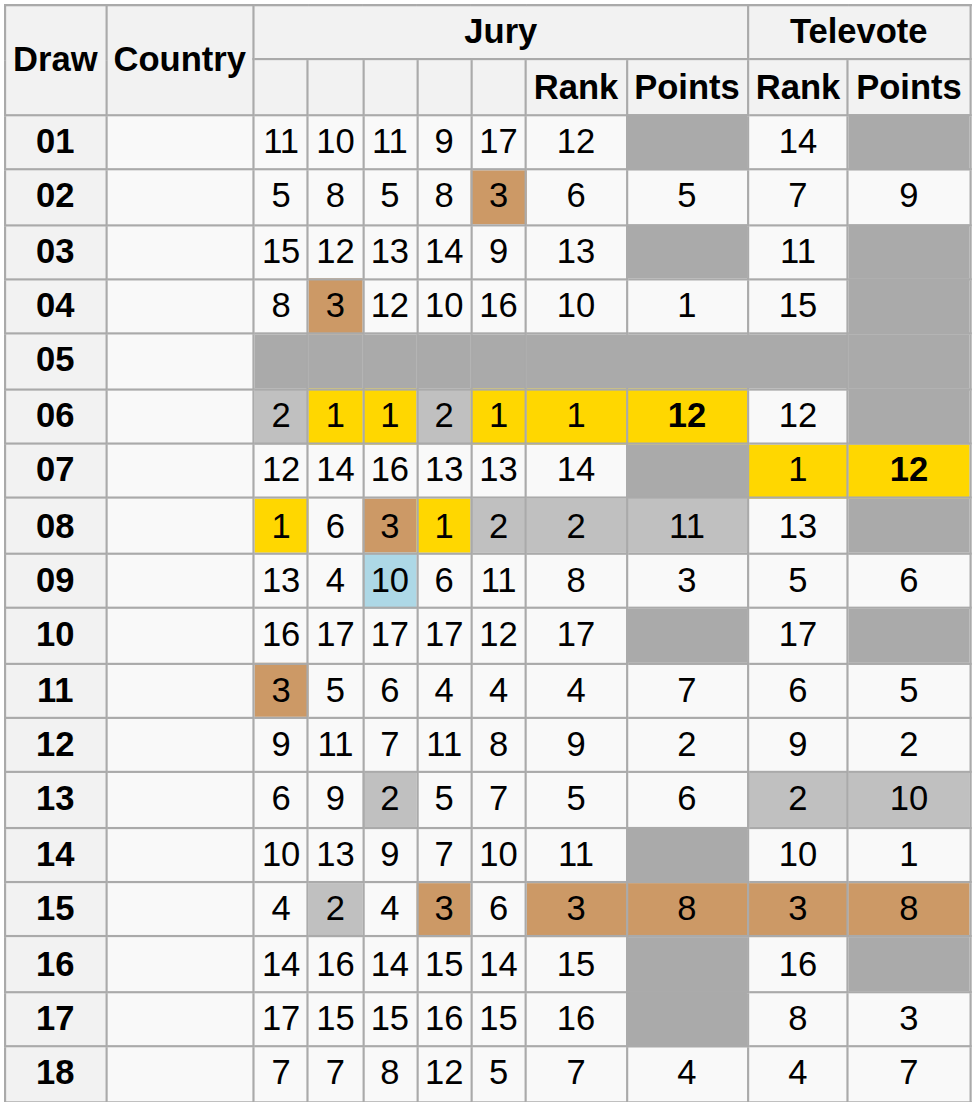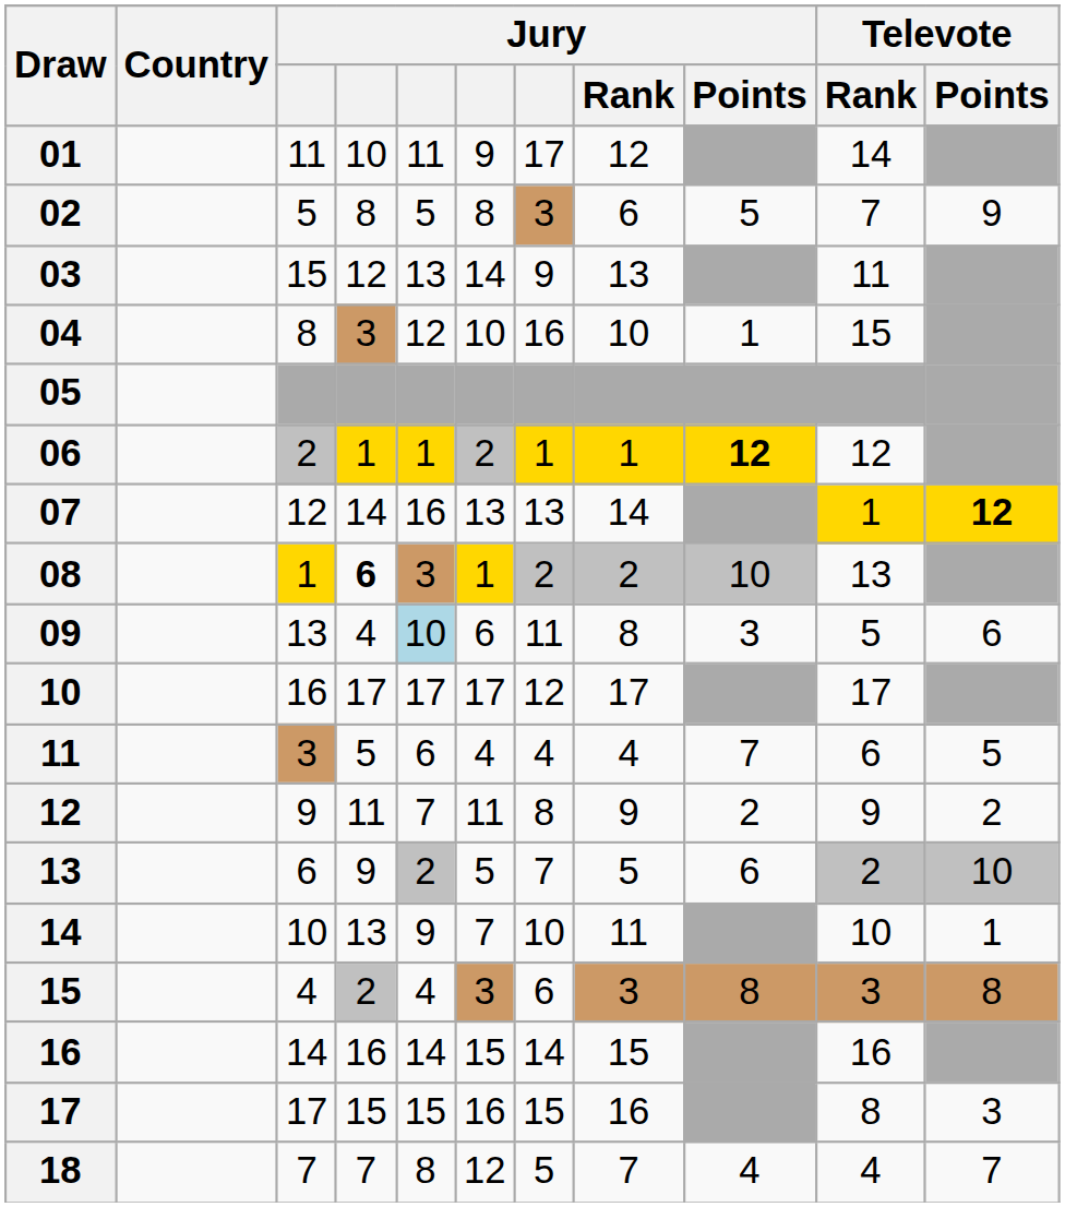 <table class="sortable wikitable collapsible plainrowheaders" style="text-align:center;">
 <tr>
 </tr>
 <tr>
 <th scope="col" rowspan="2">Draw</th>
 <th scope="col" rowspan="2">Country</th>
 <th scope="col" colspan="7">Jury</th>
 <th scope="col" colspan="2">Televote</th>
 </tr>
 <tr>
 <th scope="col"><small></small></th>
 <th scope="col"><small></small></th>
 <th scope="col"><small></small></th>
 <th scope="col"><small></small></th>
 <th scope="col"><small></small></th>
 <th scope="col">Rank</th>
 <th scope="col">Points</th>
 <th scope="col">Rank</th>
 <th scope="col">Points</th>
 </tr>
 <tr>
 <th scope="row" style="text-align:center;">01</th>
 <td style="text-align:left;"></td>
 <td>11</td>
 <td>10</td>
 <td>11</td>
 <td>9</td>
 <td>17</td>
 <td>12</td>
 <td style="background:#AAAAAA;"></td>
 <td>14</td>
 <td style="background:#AAAAAA;"></td>
 </tr>
 <tr>
 <th scope="row" style="text-align:center;">02</th>
 <td style="text-align:left;"></td>
 <td>5</td>
 <td>8</td>
 <td>5</td>
 <td>8</td>
 <td style="background:#CC9966;">3</td>
 <td>6</td>
 <td>5</td>
 <td>7</td>
 <td>9</td>
 </tr>
 <tr>
 <th scope="row" style="text-align:center;">03</th>
 <td style="text-align:left;"></td>
 <td>15</td>
 <td>12</td>
 <td>13</td>
 <td>14</td>
 <td>9</td>
 <td>13</td>
 <td style="background:#AAAAAA;"></td>
 <td>11</td>
 <td style="background:#AAAAAA;"></td>
 </tr>
 <tr>
 <th scope="row" style="text-align:center;">04</th>
 <td style="text-align:left;"></td>
 <td>8</td>
 <td style="background:#CC9966;">3</td>
 <td>12</td>
 <td>10</td>
 <td>16</td>
 <td>10</td>
 <td>1</td>
 <td>15</td>
 <td style="background:#AAAAAA;"></td>
 </tr>
 <tr class="sortbottom">
 <th scope="row" style="text-align:center;">05</th>
 <td style="text-align:left;"></td>
 <td style="background:#AAAAAA;"></td>
 <td style="background:#AAAAAA;"></td>
 <td style="background:#AAAAAA;"></td>
 <td style="background:#AAAAAA;"></td>
 <td style="background:#AAAAAA;"></td>
 <td style="background:#AAAAAA;"></td>
 <td style="background:#AAAAAA;"></td>
 <td style="background:#AAAAAA;"></td>
 <td style="background:#AAAAAA;"></td>
 </tr>
 <tr>
 <th scope="row" style="text-align:center;">06</th>
 <td style="text-align:left;"></td>
 <td style="background:silver;">2</td>
 <td style="background:gold;">1</td>
 <td style="background:gold;">1</td>
 <td style="background:silver;">2</td>
 <td style="background:gold;">1</td>
 <td style="background:gold;">1</td>
 <td style="background:gold;"><strong>12</strong></td>
 <td>12</td>
 <td style="background:#AAAAAA;"></td>
 </tr>
 <tr>
 <th scope="row" style="text-align:center;">07</th>
 <td style="text-align:left;"></td>
 <td>12</td>
 <td>14</td>
 <td>16</td>
 <td>13</td>
 <td>13</td>
 <td>14</td>
 <td style="background:#AAAAAA;"></td>
 <td style="background:gold;">1</td>
 <td style="background:gold;"><strong>12</strong></td>
 </tr>
 <tr>
 <th scope="row" style="text-align:center;">08</th>
 <td style="text-align:left;"></td>
 <td style="background:gold;">1</td>
-<td>6</td>
+<td><strong>6</strong></td>
 <td style="background:#CC9966;">3</td>
 <td style="background:gold;">1</td>
 <td style="background:silver;">2</td>
 <td style="background:silver;">2</td>
-<td style="background:silver;">11</td>
+<td style="background:silver;">10</td>
 <td>13</td>
 <td style="background:#AAAAAA;"></td>
 </tr>
 <tr>
 <th scope="row" style="text-align:center;">09</th>
 <td style="text-align:left;"></td>
 <td>13</td>
 <td>4</td>
 <td style="background: lightblue;">10</td>
 <td>6</td>
 <td>11</td>
 <td>8</td>
 <td>3</td>
 <td>5</td>
 <td>6</td>
 </tr>
 <tr>
 <th scope="row" style="text-align:center;">10</th>
 <td style="text-align:left;"></td>
 <td>16</td>
 <td>17</td>
 <td>17</td>
 <td>17</td>
 <td>12</td>
 <td>17</td>
 <td style="background:#AAAAAA;"></td>
 <td>17</td>
 <td style="background:#AAAAAA;"></td>
 </tr>
 <tr>
 <th scope="row" style="text-align:center;">11</th>
 <td style="text-align:left;"></td>
 <td style="background:#CC9966;">3</td>
 <td>5</td>
 <td>6</td>
 <td>4</td>
 <td>4</td>
 <td>4</td>
 <td>7</td>
 <td>6</td>
 <td>5</td>
 </tr>
 <tr>
 <th scope="row" style="text-align:center;">12</th>
 <td style="text-align:left;"></td>
 <td>9</td>
 <td>11</td>
 <td>7</td>
 <td>11</td>
 <td>8</td>
 <td>9</td>
 <td>2</td>
 <td>9</td>
 <td>2</td>
 </tr>
 <tr>
 <th scope="row" style="text-align:center;">13</th>
 <td style="text-align:left;"></td>
 <td>6</td>
 <td>9</td>
 <td style="background:silver;">2</td>
 <td>5</td>
 <td>7</td>
 <td>5</td>
 <td>6</td>
 <td style="background:silver;">2</td>
 <td style="background:silver;">10</td>
 </tr>
 <tr>
 <th scope="row" style="text-align:center;">14</th>
 <td style="text-align:left;"></td>
 <td>10</td>
 <td>13</td>
 <td>9</td>
 <td>7</td>
 <td>10</td>
 <td>11</td>
 <td style="background:#AAAAAA;"></td>
 <td>10</td>
 <td>1</td>
 </tr>
 <tr>
 <th scope="row" style="text-align:center;">15</th>
 <td style="text-align:left;"></td>
 <td>4</td>
 <td style="background:silver;">2</td>
 <td>4</td>
 <td style="background:#CC9966;">3</td>
 <td>6</td>
 <td style="background:#CC9966;">3</td>
 <td style="background:#CC9966;">8</td>
 <td style="background:#CC9966;">3</td>
 <td style="background:#CC9966;">8</td>
 </tr>
 <tr>
 <th scope="row" style="text-align:center;">16</th>
 <td style="text-align:left;"></td>
 <td>14</td>
 <td>16</td>
 <td>14</td>
 <td>15</td>
 <td>14</td>
 <td>15</td>
 <td style="background:#AAAAAA;"></td>
 <td>16</td>
 <td style="background:#AAAAAA;"></td>
 </tr>
 <tr>
 <th scope="row" style="text-align:center;">17</th>
 <td style="text-align:left;"></td>
 <td>17</td>
 <td>15</td>
 <td>15</td>
 <td>16</td>
 <td>15</td>
 <td>16</td>
 <td style="background:#AAAAAA;"></td>
 <td>8</td>
 <td>3</td>
 </tr>
 <tr>
 <th scope="row" style="text-align:center;">18</th>
 <td style="text-align:left;"></td>
 <td>7</td>
 <td>7</td>
 <td>8</td>
 <td>12</td>
 <td>5</td>
 <td>7</td>
 <td>4</td>
 <td>4</td>
 <td>7</td>
 </tr>
 </table>
